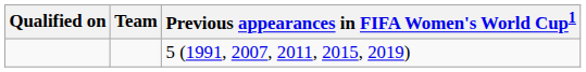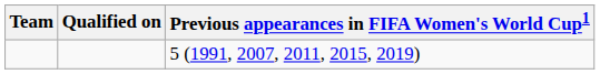 <table class="wikitable sortable">
 <tr>
+<th>Team</th>
 <th>Qualified on</th>
-<th>Team</th>
 <th data-sort-type="number">Previous <a href='#'>appearances</a> in <a href='#'>FIFA Women's World Cup</a><sup><a href='#'>1</a></sup></th>
 </tr>
 <tr>
 <td></td>
 <td></td>
 <td>5 (<a href='#'>1991</a>, <a href='#'>2007</a>, <a href='#'>2011</a>, <a href='#'>2015</a>, <a href='#'>2019</a>)</td>
 </tr>
 </table>
